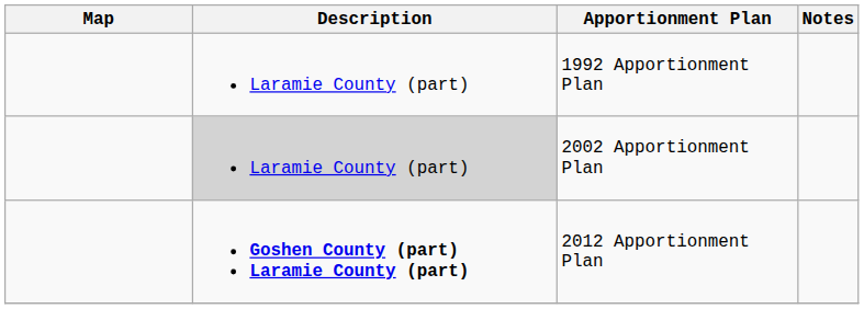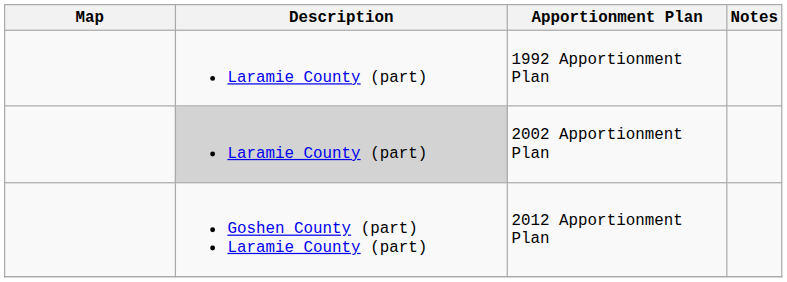 <table class="wikitable sortable">
 <tr>
 <th style="width:100pt;">Map</th>
 <th style="width:200pt;">Description</th>
 <th style="width:130pt;">Apportionment Plan</th>
 <th style="width:15pt;">Notes</th>
 </tr>
 <tr>
 <td></td>
 <td><br><ul><li><a href='#'>Laramie County</a> (part)</li></ul></td>
 <td>1992 Apportionment Plan</td>
 <td></td>
 </tr>
 <tr>
 <td></td>
 <td style="background: lightgrey;"><br><ul><li><a href='#'>Laramie County</a> (part)</li></ul></td>
 <td>2002 Apportionment Plan</td>
 <td></td>
 </tr>
 <tr>
 <td></td>
-<td><strong><br><ul><li><a href='#'>Goshen County</a> (part)</li><li><a href='#'>Laramie County</a> (part)</li></ul></strong></td>
+<td><br><ul><li><a href='#'>Goshen County</a> (part)</li><li><a href='#'>Laramie County</a> (part)</li></ul></td>
 <td>2012 Apportionment Plan</td>
 <td></td>
 </tr>
 <tr>
 </tr>
 </table>
